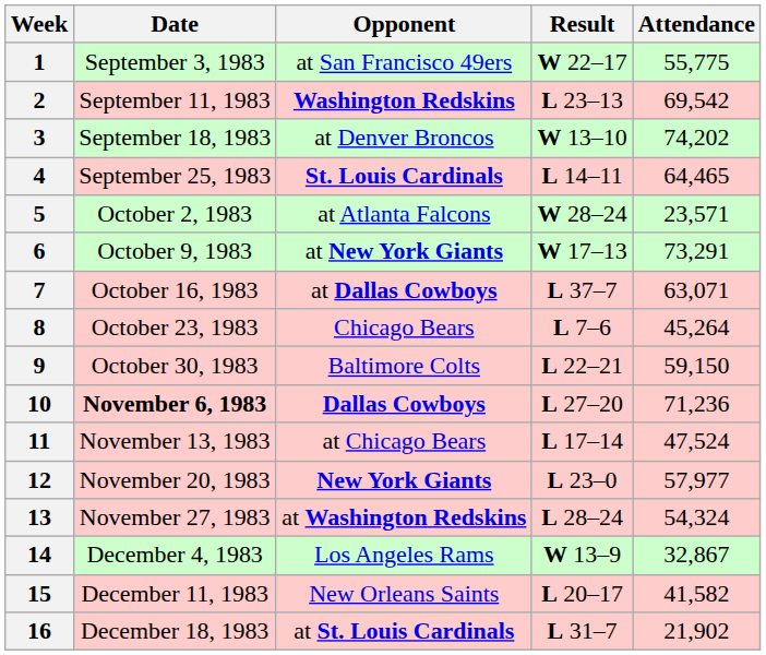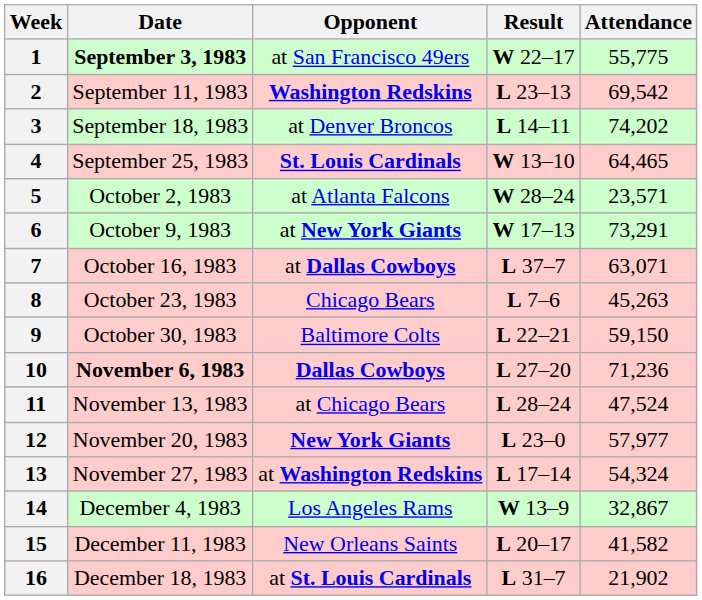 <table class="wikitable" style="text-align:center">
 <tr>
 <th>Week</th>
 <th>Date</th>
 <th>Opponent</th>
 <th>Result</th>
 <th>Attendance</th>
 </tr>
 <tr style="background: #cfc">
 <th>1</th>
-<td>September 3, 1983</td>
+<td><strong>September 3, 1983</strong></td>
 <td>at <a href='#'>San Francisco 49ers</a></td>
 <td><strong>W</strong> 22–17</td>
 <td>55,775</td>
 </tr>
 <tr style="background: #fcc">
 <th>2</th>
 <td>September 11, 1983</td>
 <td><strong><a href='#'>Washington Redskins</a></strong></td>
 <td><strong>L</strong> 23–13</td>
 <td>69,542</td>
 </tr>
 <tr style="background: #cfc">
 <th>3</th>
 <td>September 18, 1983</td>
 <td>at <a href='#'>Denver Broncos</a></td>
-<td><strong>W</strong> 13–10</td>
+<td><strong>L</strong> 14–11</td>
 <td>74,202</td>
 </tr>
 <tr style="background: #fcc">
 <th>4</th>
 <td>September 25, 1983</td>
 <td><strong><a href='#'>St. Louis Cardinals</a></strong></td>
-<td><strong>L</strong> 14–11</td>
+<td><strong>W</strong> 13–10</td>
 <td>64,465</td>
 </tr>
 <tr style="background: #cfc">
 <th>5</th>
 <td>October 2, 1983</td>
 <td>at <a href='#'>Atlanta Falcons</a></td>
 <td><strong>W</strong> 28–24</td>
 <td>23,571</td>
 </tr>
 <tr style="background: #cfc">
 <th>6</th>
 <td>October 9, 1983</td>
 <td>at <strong><a href='#'>New York Giants</a></strong></td>
 <td><strong>W</strong> 17–13</td>
 <td>73,291</td>
 </tr>
 <tr style="background: #fcc">
 <th>7</th>
 <td>October 16, 1983</td>
 <td>at <strong><a href='#'>Dallas Cowboys</a></strong></td>
 <td><strong>L</strong> 37–7</td>
 <td>63,071</td>
 </tr>
 <tr style="background: #fcc">
 <th>8</th>
 <td>October 23, 1983</td>
 <td><a href='#'>Chicago Bears</a></td>
 <td><strong>L</strong> 7–6</td>
-<td>45,264</td>
+<td>45,263</td>
 </tr>
 <tr style="background: #fcc">
 <th>9</th>
 <td>October 30, 1983</td>
 <td><a href='#'>Baltimore Colts</a></td>
 <td><strong>L</strong> 22–21</td>
 <td>59,150</td>
 </tr>
 <tr style="background: #fcc">
 <th>10</th>
 <td><strong>November 6, 1983</strong></td>
 <td><strong><a href='#'>Dallas Cowboys</a></strong></td>
 <td><strong>L</strong> 27–20</td>
 <td>71,236</td>
 </tr>
 <tr style="background: #fcc">
 <th>11</th>
 <td>November 13, 1983</td>
 <td>at <a href='#'>Chicago Bears</a></td>
-<td><strong>L</strong> 17–14</td>
+<td><strong>L</strong> 28–24</td>
 <td>47,524</td>
 </tr>
 <tr style="background: #fcc">
 <th>12</th>
 <td>November 20, 1983</td>
 <td><strong><a href='#'>New York Giants</a></strong></td>
 <td><strong>L</strong> 23–0</td>
 <td>57,977</td>
 </tr>
 <tr style="background: #fcc">
 <th>13</th>
 <td>November 27, 1983</td>
 <td>at <strong><a href='#'>Washington Redskins</a></strong></td>
-<td><strong>L</strong> 28–24</td>
+<td><strong>L</strong> 17–14</td>
 <td>54,324</td>
 </tr>
 <tr style="background: #cfc">
 <th>14</th>
 <td>December 4, 1983</td>
 <td><a href='#'>Los Angeles Rams</a></td>
 <td><strong>W</strong> 13–9</td>
 <td>32,867</td>
 </tr>
 <tr style="background: #fcc">
 <th>15</th>
 <td>December 11, 1983</td>
 <td><a href='#'>New Orleans Saints</a></td>
 <td><strong>L</strong> 20–17 </td>
 <td>41,582</td>
 </tr>
 <tr style="background: #fcc">
 <th>16</th>
 <td>December 18, 1983</td>
 <td>at <strong><a href='#'>St. Louis Cardinals</a></strong></td>
 <td><strong>L</strong> 31–7</td>
 <td>21,902</td>
 </tr>
 </table>
